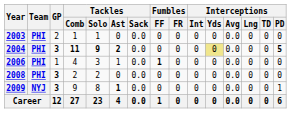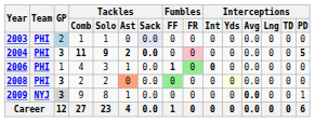 <table class="wikitable" style="text-align:center">
 <tr>
 <th rowspan="2">Year</th>
 <th rowspan="2">Team</th>
 <th rowspan="2">GP</th>
 <th colspan="4">Tackles</th>
 <th colspan="2">Fumbles</th>
 <th colspan="6">Interceptions</th>
 </tr>
 <tr>
 <th>Comb</th>
 <th>Solo</th>
 <th>Ast</th>
 <th>Sack</th>
 <th>FF</th>
 <th>FR</th>
 <th>Int</th>
 <th>Yds</th>
 <th>Avg</th>
 <th>Lng</th>
 <th>TD</th>
 <th>PD</th>
 </tr>
 <tr>
 <th><a href='#'>2003</a></th>
 <th><a href='#'>PHI</a></th>
-<td>2</td>
+<td style="background: lightblue;">2</td>
 <td>1</td>
 <td>1</td>
 <td>0</td>
-<td>0.0</td>
+<td style="background: lavender;">0.0</td>
 <td>0</td>
 <td>0</td>
 <td>0</td>
 <td>0</td>
 <td>0.0</td>
 <td>0</td>
 <td>0</td>
 <td>0</td>
 </tr>
 <tr>
 <th><a href='#'>2004</a></th>
 <th><a href='#'>PHI</a></th>
 <td><strong>3</strong></td>
 <td><strong>11</strong></td>
 <td><strong>9</strong></td>
 <td><strong>2</strong></td>
-<td>0.0</td>
+<td><strong>0.0</strong></td>
+<td>0</td>
+<td style="background: pink;">0</td>
 <td>0</td>
 <td>0</td>
-<td>0</td>
-<td style="background: khaki;">0</td>
 <td>0.0</td>
 <td>0</td>
 <td>0</td>
 <td><strong>5</strong></td>
 </tr>
 <tr>
 <th><a href='#'>2006</a></th>
 <th><a href='#'>PHI</a></th>
 <td>1</td>
 <td>4</td>
 <td>3</td>
 <td>1</td>
 <td>0.0</td>
 <td><strong>1</strong></td>
-<td>0</td>
-<td>0</td>
+<td style="background: lightgreen;">0</td>
+<td><strong>0</strong></td>
 <td>0</td>
 <td>0.0</td>
 <td>0</td>
 <td>0</td>
 <td>0</td>
 </tr>
 <tr>
 <th><a href='#'>2008</a></th>
 <th><a href='#'>PHI</a></th>
 <td><strong>3</strong></td>
 <td>2</td>
 <td>2</td>
-<td>0</td>
+<td style="background: lightsalmon;">0</td>
 <td>0.0</td>
+<td style="background: lightgreen;">0</td>
 <td>0</td>
 <td>0</td>
-<td>0</td>
-<td>0</td>
+<td style="background: lightyellow;">0</td>
 <td>0.0</td>
 <td>0</td>
 <td>0</td>
 <td>0</td>
 </tr>
 <tr>
 <th><a href='#'>2009</a></th>
 <th><a href='#'>NYJ</a></th>
-<td><strong>3</strong></td>
+<td style="background: lightgrey;"><strong>3</strong></td>
 <td>9</td>
 <td>8</td>
-<td><strong>1</strong></td>
+<td>1</td>
 <td>0.0</td>
 <td>0</td>
 <td>0</td>
 <td>0</td>
 <td>0</td>
-<td>0.0</td>
+<td><strong>0.0</strong></td>
 <td>0</td>
 <td>0</td>
 <td>1</td>
 </tr>
 <tr>
 <th colspan="2">Career</th>
 <th>12</th>
 <th>27</th>
 <th>23</th>
 <th>4</th>
 <th>0.0</th>
 <th>1</th>
 <th>0</th>
 <th>0</th>
 <th>0</th>
 <th>0.0</th>
 <th>0</th>
 <th>0</th>
 <th>6</th>
 </tr>
 </table>
